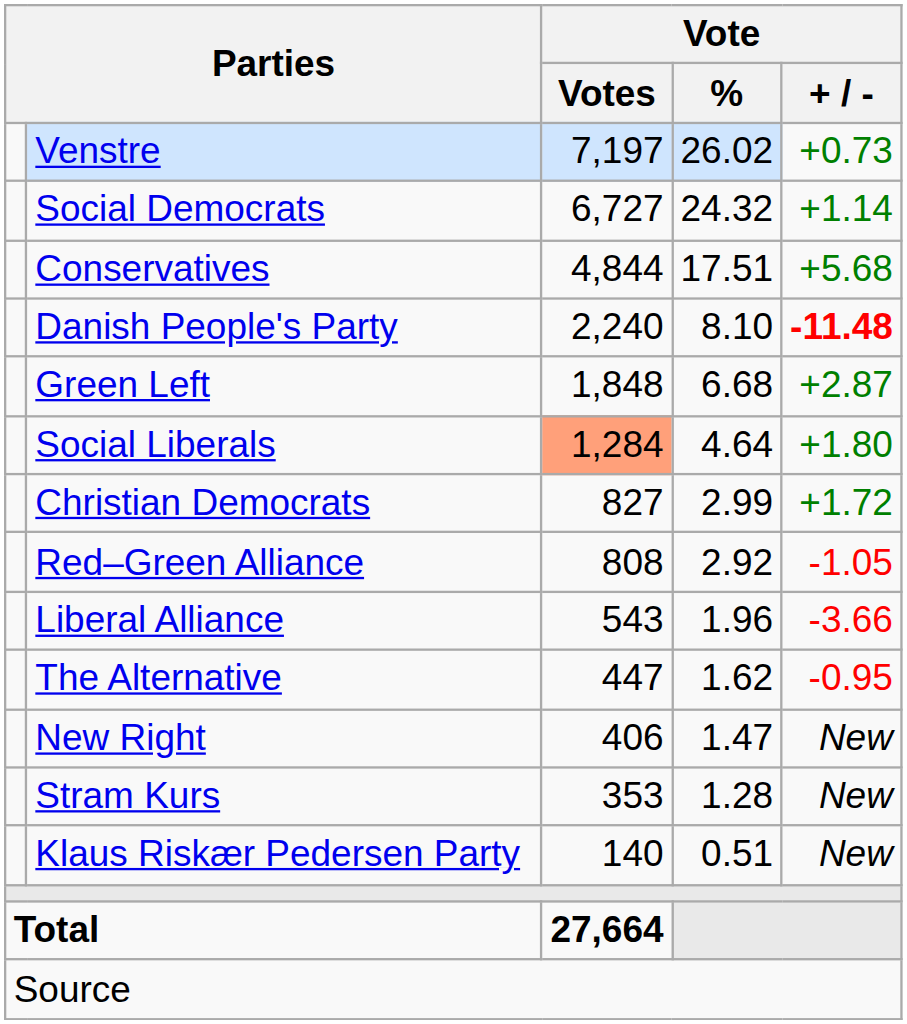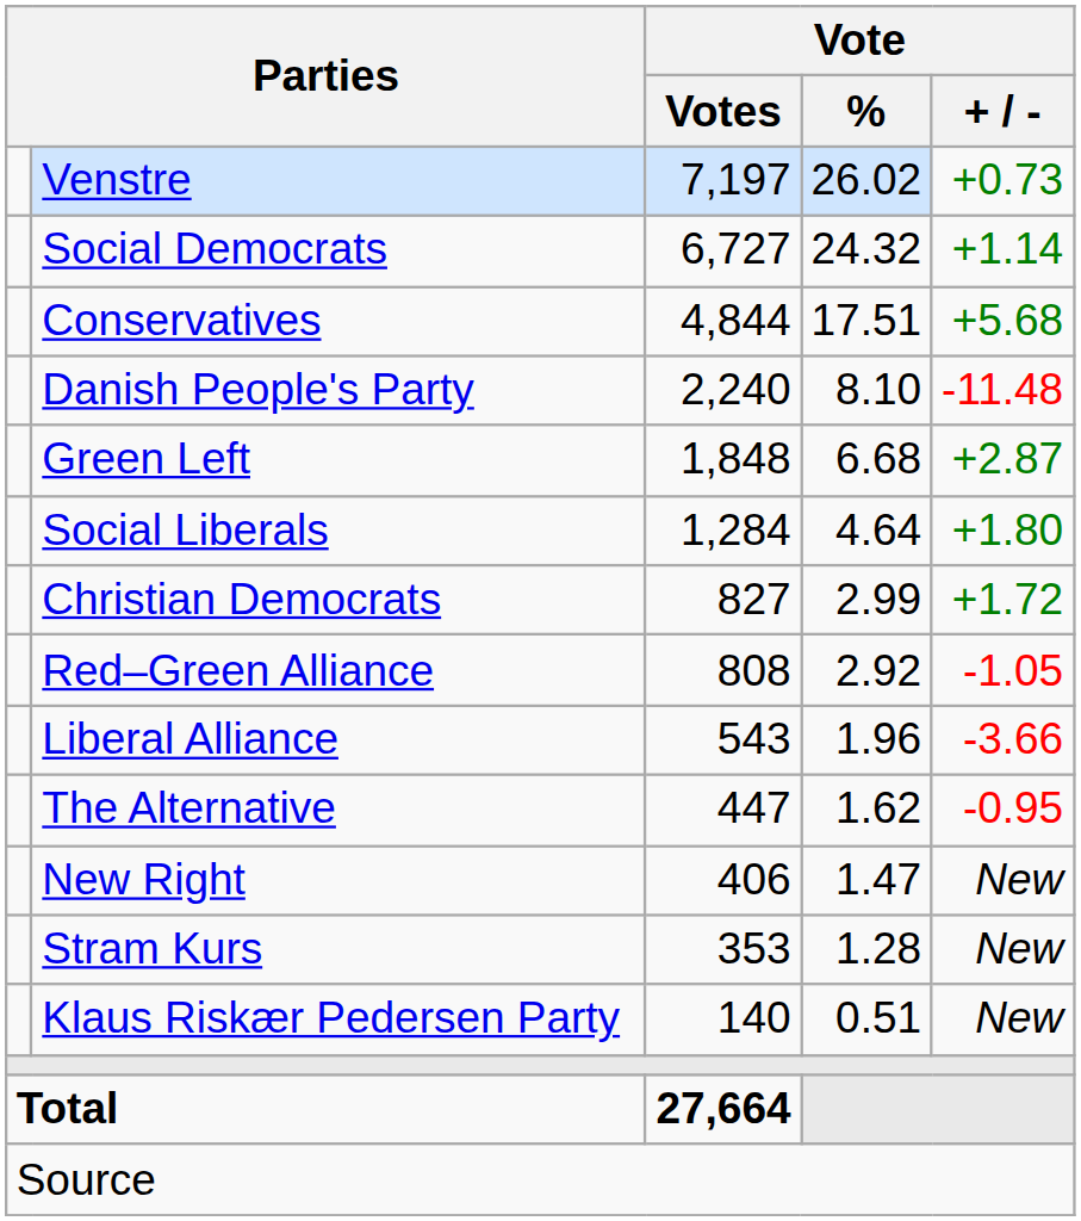 <table class="wikitable" style="text-align:right;">
 <tr>
 <th style="text-align:centre;" rowspan="2" colspan="2" width="225">Parties</th>
 <th colspan="3">Vote</th>
 </tr>
 <tr>
 <th width="15">Votes</th>
 <th width="15">%</th>
 <th width="15">+ / -</th>
 </tr>
 <tr>
 <td width="2" style="color:inherit;background:"></td>
 <td bgcolor=#cfe5fe  align="left"><a href='#'>Venstre</a></td>
 <td bgcolor=#cfe5fe>7,197</td>
 <td bgcolor=#cfe5fe>26.02</td>
 <td style=color:green;>+0.73</td>
 </tr>
 <tr>
 <td width="2" style="color:inherit;background:"></td>
 <td align="left"><a href='#'>Social Democrats</a></td>
 <td>6,727</td>
 <td>24.32</td>
 <td style=color:green;>+1.14</td>
 </tr>
 <tr>
 <td width="2" style="color:inherit;background:"></td>
 <td align="left"><a href='#'>Conservatives</a></td>
 <td>4,844</td>
 <td>17.51</td>
 <td style=color:green;>+5.68</td>
 </tr>
 <tr>
 <td width="2" style="color:inherit;background:"></td>
 <td align="left"><a href='#'>Danish People's Party</a></td>
 <td>2,240</td>
 <td>8.10</td>
-<td style=color:red;><strong>-11.48</strong></td>
+<td style=color:red;>-11.48</td>
 </tr>
 <tr>
 <td width="2" style="color:inherit;background:"></td>
 <td align="left"><a href='#'>Green Left</a></td>
 <td>1,848</td>
 <td>6.68</td>
 <td style=color:green;>+2.87</td>
 </tr>
 <tr>
 <td width="2" style="color:inherit;background:"></td>
 <td align="left"><a href='#'>Social Liberals</a></td>
-<td style="background: lightsalmon;">1,284</td>
+<td>1,284</td>
 <td>4.64</td>
 <td style=color:green;>+1.80</td>
 </tr>
 <tr>
 <td width="2" style="color:inherit;background:"></td>
 <td align="left"><a href='#'>Christian Democrats</a></td>
 <td>827</td>
 <td>2.99</td>
 <td style=color:green;>+1.72</td>
 </tr>
 <tr>
 <td width="2" style="color:inherit;background:"></td>
 <td align="left"><a href='#'>Red–Green Alliance</a></td>
 <td>808</td>
 <td>2.92</td>
 <td style=color:red;>-1.05</td>
 </tr>
 <tr>
 <td width="2" style="color:inherit;background:"></td>
 <td align="left"><a href='#'>Liberal Alliance</a></td>
 <td>543</td>
 <td>1.96</td>
 <td style=color:red;>-3.66</td>
 </tr>
 <tr>
 <td width="2" style="color:inherit;background:"></td>
 <td align="left"><a href='#'>The Alternative</a></td>
 <td>447</td>
 <td>1.62</td>
 <td style=color:red;>-0.95</td>
 </tr>
 <tr>
 <td width="2" style="color:inherit;background:"></td>
 <td align="left"><a href='#'>New Right</a></td>
 <td>406</td>
 <td>1.47</td>
 <td><em>New</em></td>
 </tr>
 <tr>
 <td width="2" style="color:inherit;background:"></td>
 <td align="left"><a href='#'>Stram Kurs</a></td>
 <td>353</td>
 <td>1.28</td>
 <td><em>New</em></td>
 </tr>
 <tr>
 <td width="2" style="color:inherit;background:"></td>
 <td align="left"><a href='#'>Klaus Riskær Pedersen Party</a></td>
 <td>140</td>
 <td>0.51</td>
 <td><em>New</em></td>
 </tr>
 <tr>
 <td colspan="7" bgcolor="#E9E9E9"></td>
 </tr>
 <tr>
 <td align="left" colspan="2"><strong>Total</strong></td>
 <td><strong>27,664</strong></td>
 <td bgcolor="#E9E9E9" colspan="2"></td>
 </tr>
 <tr>
 <td align="left" colspan="6">Source</td>
 </tr>
 </table>
